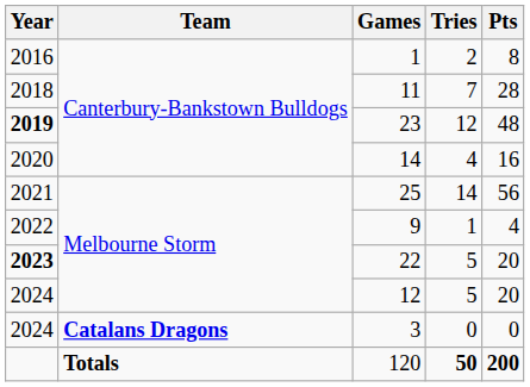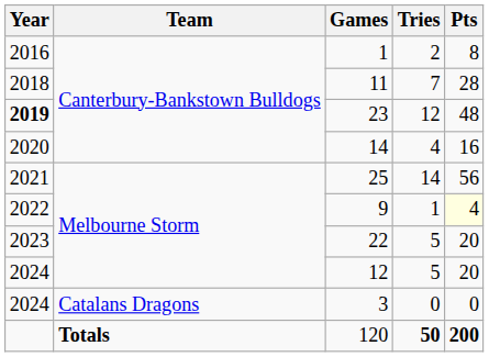 <table class="wikitable">
 <tr>
 <th>Year</th>
 <th>Team</th>
 <th>Games</th>
 <th>Tries</th>
 <th>Pts</th>
 </tr>
 <tr>
 <td align=center>2016</td>
 <td align=left rowspan="4"> <a href='#'>Canterbury-Bankstown Bulldogs</a></td>
 <td align=right>1</td>
 <td align=right>2</td>
 <td align=right>8</td>
 </tr>
 <tr>
 <td align=center>2018</td>
 <td align=right>11</td>
 <td align=right>7</td>
 <td align=right>28</td>
 </tr>
 <tr>
 <td align=center><strong>2019</strong></td>
 <td align=right>23</td>
 <td align=right>12</td>
 <td align=right>48</td>
 </tr>
 <tr>
 <td align=center>2020</td>
 <td align=right>14</td>
 <td align=right>4</td>
 <td align=right>16</td>
 </tr>
 <tr>
 <td align=center>2021</td>
 <td rowspan="4"> <a href='#'>Melbourne Storm</a></td>
 <td align=right>25</td>
 <td align=right>14</td>
 <td align=right>56</td>
 </tr>
 <tr>
 <td align=center>2022</td>
 <td align=right>9</td>
 <td align=right>1</td>
-<td align=right>4</td>
+<td align=right style="background: lightyellow;">4</td>
 </tr>
 <tr>
-<td align=center><strong>2023</strong></td>
+<td align=center>2023</td>
 <td align=right>22</td>
 <td align=right>5</td>
 <td align=right>20</td>
 </tr>
 <tr>
 <td align=center>2024</td>
 <td align=right>12</td>
 <td align=right>5</td>
 <td align=right>20</td>
 </tr>
 <tr>
 <td align=center>2024</td>
-<td align=left><strong> <a href='#'>Catalans Dragons</a></strong></td>
+<td align=left> <a href='#'>Catalans Dragons</a></td>
 <td align=right>3</td>
 <td align=right>0</td>
 <td align=right>0</td>
 </tr>
 <tr>
 <td></td>
 <td align=left><strong>Totals</strong></td>
 <td align=right>120</td>
 <td align=right><strong>50</strong></td>
 <td align=right><strong>200</strong></td>
 </tr>
 </table>
